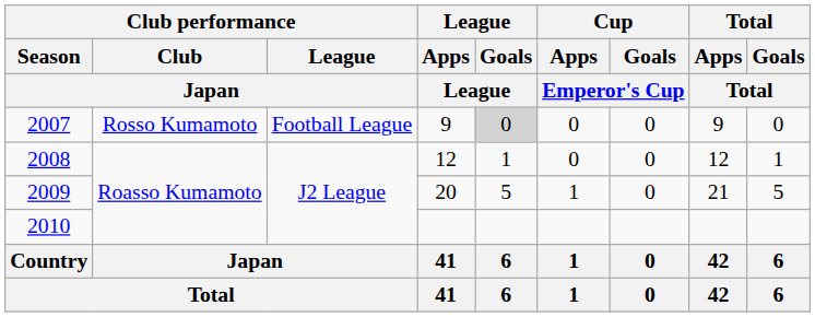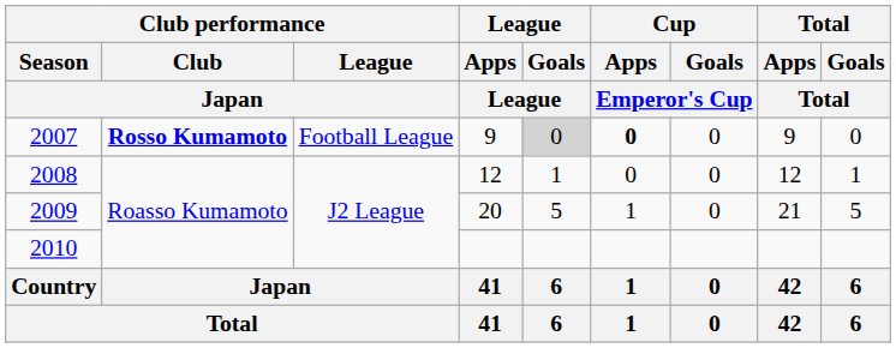 <table class="wikitable" style="text-align:center;">
 <tr>
 <th colspan=3>Club performance</th>
 <th colspan=2>League</th>
 <th colspan=2>Cup</th>
 <th colspan=2>Total</th>
 </tr>
 <tr>
 <th>Season</th>
 <th>Club</th>
 <th>League</th>
 <th>Apps</th>
 <th>Goals</th>
 <th>Apps</th>
 <th>Goals</th>
 <th>Apps</th>
 <th>Goals</th>
 </tr>
 <tr>
 <th colspan=3>Japan</th>
 <th colspan=2>League</th>
 <th colspan=2><a href='#'>Emperor's Cup</a></th>
 <th colspan=2>Total</th>
 </tr>
 <tr>
 <td><a href='#'>2007</a></td>
-<td><a href='#'>Rosso Kumamoto</a></td>
+<td><strong><a href='#'>Rosso Kumamoto</a></strong></td>
 <td><a href='#'>Football League</a></td>
 <td>9</td>
 <td style="background: lightgrey;">0</td>
-<td>0</td>
+<td><strong>0</strong></td>
 <td>0</td>
 <td>9</td>
 <td>0</td>
 </tr>
 <tr>
 <td><a href='#'>2008</a></td>
 <td rowspan="3"><a href='#'>Roasso Kumamoto</a></td>
 <td rowspan="3"><a href='#'>J2 League</a></td>
 <td>12</td>
 <td>1</td>
 <td>0</td>
 <td>0</td>
 <td>12</td>
 <td>1</td>
 </tr>
 <tr>
 <td><a href='#'>2009</a></td>
 <td>20</td>
 <td>5</td>
 <td>1</td>
 <td>0</td>
 <td>21</td>
 <td>5</td>
 </tr>
 <tr>
 <td><a href='#'>2010</a></td>
 <td></td>
 <td></td>
 <td></td>
 <td></td>
 <td></td>
 <td></td>
 </tr>
 <tr>
 <th rowspan=1>Country</th>
 <th colspan=2>Japan</th>
 <th>41</th>
 <th>6</th>
 <th>1</th>
 <th>0</th>
 <th>42</th>
 <th>6</th>
 </tr>
 <tr>
 <th colspan=3>Total</th>
 <th>41</th>
 <th>6</th>
 <th>1</th>
 <th>0</th>
 <th>42</th>
 <th>6</th>
 </tr>
 </table>
